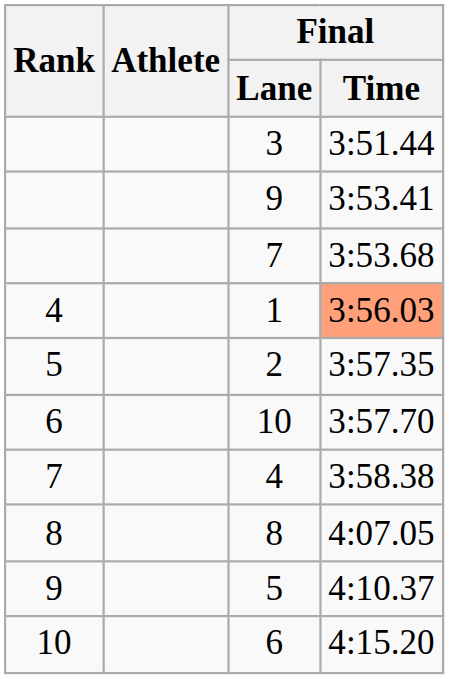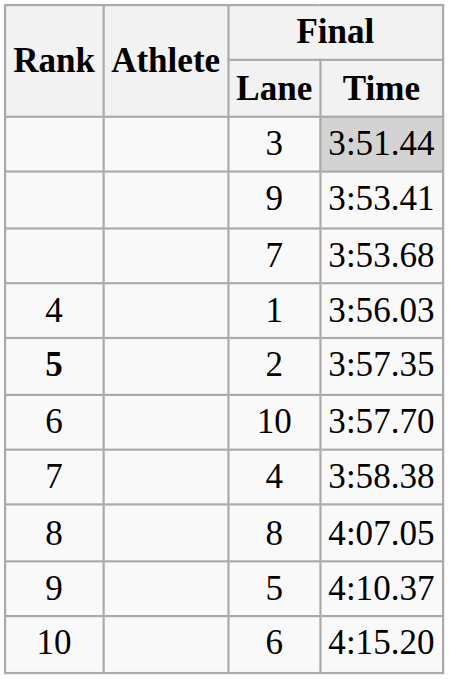 <table class="wikitable sortable"  style="text-align:center">
 <tr>
 <th rowspan="2" data-sort-type=number>Rank</th>
 <th rowspan="2">Athlete</th>
 <th colspan="2">Final</th>
 </tr>
 <tr>
 <th>Lane</th>
 <th>Time</th>
 </tr>
 <tr>
 <td></td>
 <td align="left"></td>
 <td>3</td>
-<td>3:51.44</td>
+<td style="background: lightgrey;">3:51.44</td>
 </tr>
 <tr>
 <td></td>
 <td align="left"></td>
 <td>9</td>
 <td>3:53.41</td>
 </tr>
 <tr>
 <td></td>
 <td align="left"></td>
 <td>7</td>
 <td>3:53.68</td>
 </tr>
 <tr>
 <td>4</td>
 <td align="left"></td>
 <td>1</td>
-<td style="background: lightsalmon;">3:56.03</td>
+<td>3:56.03</td>
 </tr>
 <tr>
-<td>5</td>
+<td><strong>5</strong></td>
 <td align="left"></td>
 <td>2</td>
 <td>3:57.35</td>
 </tr>
 <tr>
 <td>6</td>
 <td align="left"></td>
 <td>10</td>
 <td>3:57.70</td>
 </tr>
 <tr>
 <td>7</td>
 <td align="left"></td>
 <td>4</td>
 <td>3:58.38</td>
 </tr>
 <tr>
 <td>8</td>
 <td align="left"></td>
 <td>8</td>
 <td>4:07.05</td>
 </tr>
 <tr>
 <td>9</td>
 <td align="left"></td>
 <td>5</td>
 <td>4:10.37</td>
 </tr>
 <tr>
 <td>10</td>
 <td align="left"></td>
 <td>6</td>
 <td>4:15.20</td>
 </tr>
 </table>
